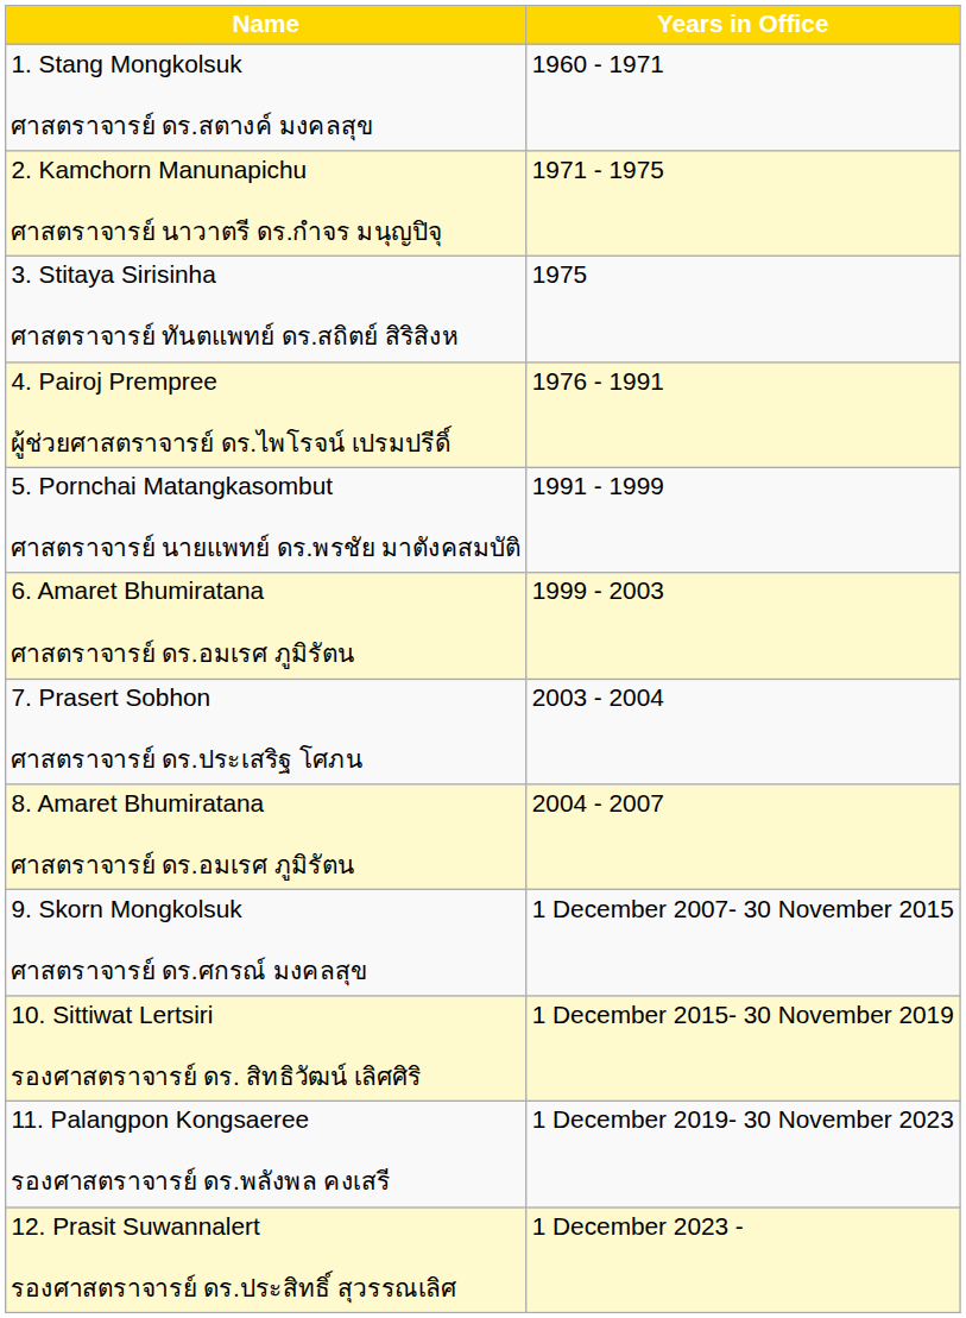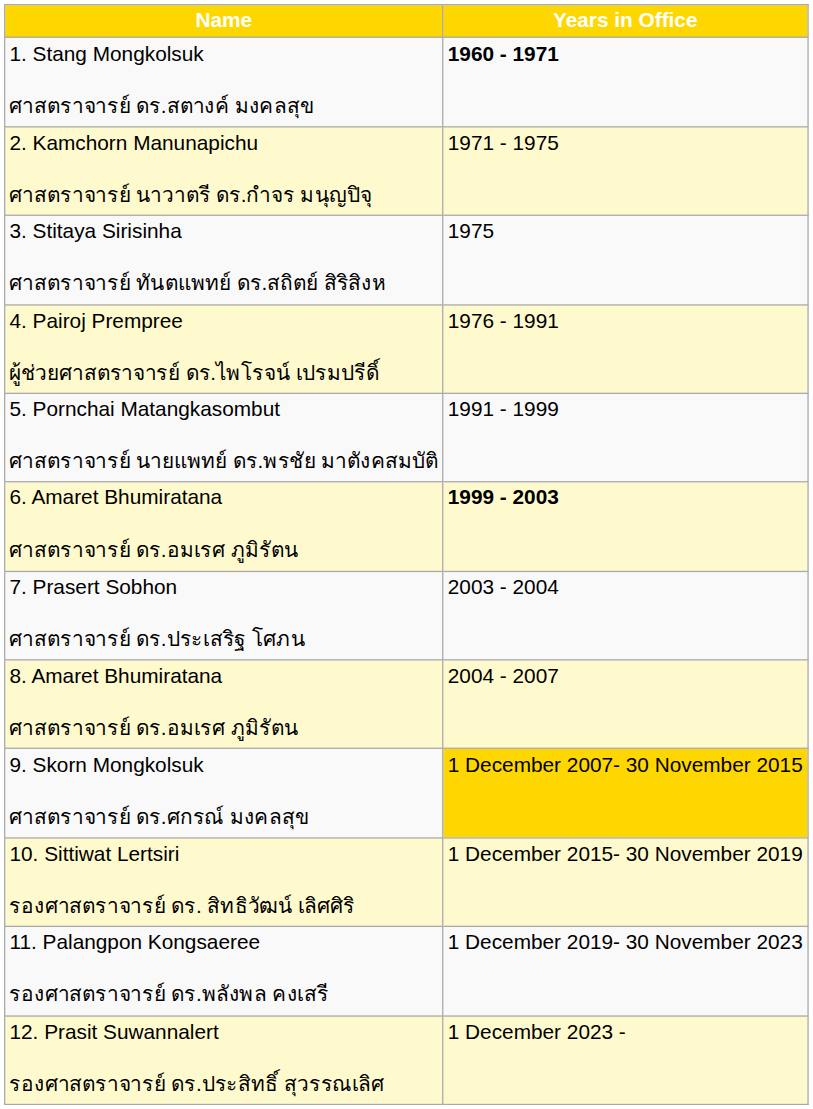 <table class="wikitable plainrowheaders sortable">
 <tr>
 <th style="background: Gold; color:white;"><span> Name </span></th>
 <th style="background: Gold; color:white;"><span> Years in Office</span></th>
 </tr>
 <tr>
 <td valign = "top">1. Stang Mongkolsuk<br><br>ศาสตราจารย์ ดร.สตางค์ มงคลสุข</td>
-<td valign = "top">1960 - 1971</td>
+<td valign = "top"><strong>1960 - 1971</strong></td>
 </tr>
 <tr>
 <td valign = "top" style = "background: #FFFACD ">2. Kamchorn Manunapichu<br><br>ศาสตราจารย์ นาวาตรี ดร.กำจร มนุญปิจุ</td>
 <td valign = "top" style = "background: #FFFACD ">1971 - 1975</td>
 </tr>
 <tr>
 <td valign = "top">3. Stitaya Sirisinha<br><br>ศาสตราจารย์ ทันตแพทย์ ดร.สถิตย์ สิริสิงห</td>
 <td valign = "top">1975</td>
 </tr>
 <tr>
 <td valign = "top" style = "background: #FFFACD ">4. Pairoj Prempree<br><br>ผู้ช่วยศาสตราจารย์ ดร.ไพโรจน์ เปรมปรีดิ์</td>
 <td valign = "top" style = "background: #FFFACD ">1976 - 1991</td>
 </tr>
 <tr>
 <td valign = "top">5. Pornchai Matangkasombut<br><br>ศาสตราจารย์ นายแพทย์ ดร.พรชัย มาตังคสมบัติ</td>
 <td valign = "top">1991 - 1999</td>
 </tr>
 <tr>
 <td valign = "top" style = "background: #FFFACD ">6. Amaret Bhumiratana<br><br>ศาสตราจารย์ ดร.อมเรศ ภูมิรัตน</td>
-<td valign = "top" style = "background: #FFFACD ">1999 - 2003</td>
+<td valign = "top" style = "background: #FFFACD "><strong>1999 - 2003</strong></td>
 </tr>
 <tr>
 <td valign = "top">7. Prasert Sobhon<br><br>ศาสตราจารย์ ดร.ประเสริฐ โศภน</td>
 <td valign = "top">2003 - 2004</td>
 </tr>
 <tr>
 <td valign = "top" style = "background: #FFFACD ">8. Amaret Bhumiratana<br><br>ศาสตราจารย์ ดร.อมเรศ ภูมิรัตน</td>
 <td valign = "top" style = "background: #FFFACD ">2004 - 2007</td>
 </tr>
 <tr>
 <td valign = "top">9. Skorn Mongkolsuk<br><br>ศาสตราจารย์ ดร.ศกรณ์ มงคลสุข</td>
-<td valign = "top">1 December 2007- 30 November 2015</td>
+<td valign = "top" style="background: gold;">1 December 2007- 30 November 2015</td>
 </tr>
 <tr>
 <td valign = "top" style = "background: #FFFACD ">10. Sittiwat Lertsiri<br><br>รองศาสตราจารย์ ดร. สิทธิวัฒน์ เลิศศิริ</td>
 <td valign = "top" style = "background: #FFFACD ">1 December 2015- 30 November 2019</td>
 </tr>
 <tr>
 <td valign = "top">11. Palangpon Kongsaeree<br><br>รองศาสตราจารย์ ดร.พลังพล คงเสรี</td>
 <td valign = "top">1 December 2019- 30 November 2023</td>
 </tr>
 <tr>
 <td valign = "top" style = "background: #FFFACD ">12. Prasit Suwannalert<br><br>รองศาสตราจารย์ ดร.ประสิทธิ์ สุวรรณเลิศ</td>
 <td valign = "top" style = "background: #FFFACD ">1 December 2023 -</td>
 </tr>
 </table>
